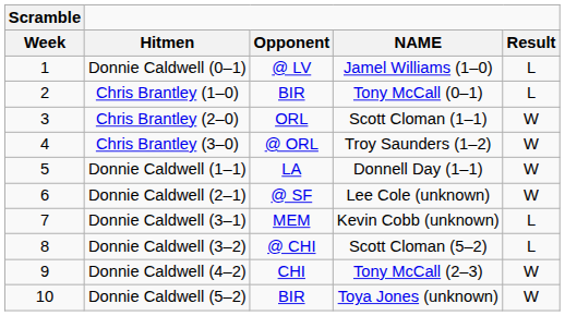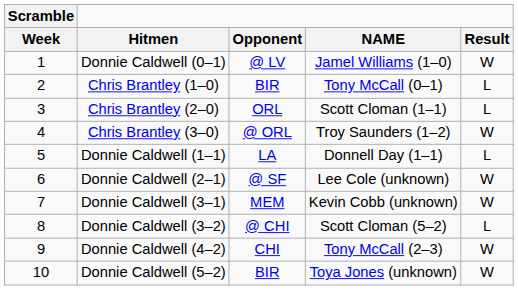 <table class="wikitable" style="text-align:center;" style="text-align:center;">
 <tr>
 <th style="text-align:center;">Scramble</th>
 </tr>
 <tr>
 <th>Week</th>
 <th>Hitmen</th>
 <th>Opponent</th>
 <th>NAME</th>
 <th>Result</th>
 </tr>
 <tr>
 <td>1</td>
 <td>Donnie Caldwell (0–1)</td>
 <td><a href='#'>@ LV</a></td>
 <td><a href='#'>Jamel Williams</a> (1–0)</td>
-<td>L</td>
+<td>W</td>
 </tr>
 <tr>
 <td>2</td>
 <td><a href='#'>Chris Brantley</a> (1–0)</td>
 <td><a href='#'>BIR</a></td>
 <td><a href='#'>Tony McCall</a> (0–1)</td>
 <td>L</td>
 </tr>
 <tr>
 <td>3</td>
 <td><a href='#'>Chris Brantley</a> (2–0)</td>
 <td><a href='#'>ORL</a></td>
 <td>Scott Cloman (1–1)</td>
-<td>W</td>
+<td>L</td>
 </tr>
 <tr>
 <td>4</td>
 <td><a href='#'>Chris Brantley</a> (3–0)</td>
 <td><a href='#'>@ ORL</a></td>
 <td>Troy Saunders (1–2)</td>
 <td>W</td>
 </tr>
 <tr>
 <td>5</td>
 <td>Donnie Caldwell (1–1)</td>
 <td><a href='#'>LA</a></td>
 <td>Donnell Day (1–1)</td>
-<td>W</td>
+<td>L</td>
 </tr>
 <tr>
 <td>6</td>
 <td>Donnie Caldwell (2–1)</td>
 <td><a href='#'>@ SF</a></td>
 <td>Lee Cole (unknown)</td>
 <td>W</td>
 </tr>
 <tr>
 <td>7</td>
 <td>Donnie Caldwell (3–1)</td>
 <td><a href='#'>MEM</a></td>
 <td>Kevin Cobb (unknown)</td>
-<td>L</td>
+<td>W</td>
 </tr>
 <tr>
 <td>8</td>
 <td>Donnie Caldwell (3–2)</td>
 <td><a href='#'>@ CHI</a></td>
 <td>Scott Cloman (5–2)</td>
 <td>L</td>
 </tr>
 <tr>
 <td>9</td>
 <td>Donnie Caldwell (4–2)</td>
 <td><a href='#'>CHI</a></td>
 <td><a href='#'>Tony McCall</a><abbr> (2–3)</abbr></td>
 <td>W</td>
 </tr>
 <tr>
 <td>10</td>
 <td>Donnie Caldwell (5–2)</td>
 <td><a href='#'>BIR</a></td>
 <td><a href='#'>Toya Jones</a> (unknown)</td>
 <td>W</td>
 </tr>
 </table>
